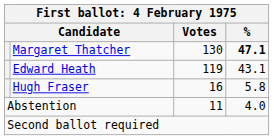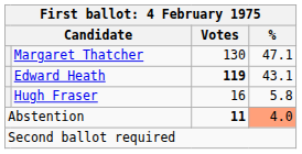 <table class="wikitable" style="font-size:95%;">
 <tr>
 <th colspan="4">First ballot: 4 February 1975</th>
 </tr>
 <tr>
 <th colspan="2" style="width: 170px">Candidate</th>
 <th style="width: 50px">Votes</th>
 <th style="width: 40px">%</th>
 </tr>
 <tr>
 <th style="background-color: "></th>
 <td style="width: 170px"><a href='#'>Margaret Thatcher</a></td>
 <td align="right">130</td>
-<td align="right"><strong>47.1</strong></td>
+<td align="right">47.1</td>
 </tr>
 <tr>
 <th style="background-color: "></th>
 <td style="width: 170px"><a href='#'>Edward Heath</a></td>
-<td align="right">119</td>
+<td align="right"><strong>119</strong></td>
 <td align="right">43.1</td>
 </tr>
 <tr>
 <th style="background-color: "></th>
 <td style="width: 170px"><a href='#'>Hugh Fraser</a></td>
 <td align="right">16</td>
 <td align="right">5.8</td>
 </tr>
 <tr>
 <td colspan="2" style="width: 170px">Abstention</td>
-<td align="right">11</td>
-<td align="right">4.0</td>
+<td align="right"><strong>11</strong></td>
+<td align="right" style="background: lightsalmon;">4.0</td>
 </tr>
 <tr>
 <td colspan="4">Second ballot required</td>
 </tr>
 </table>
